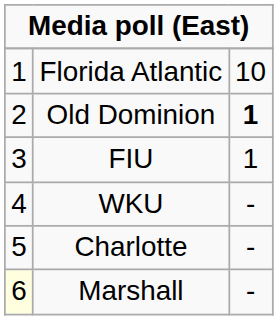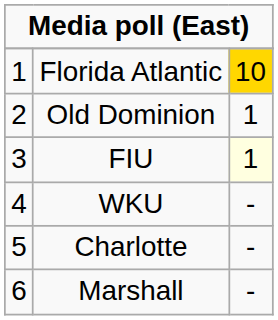 <table class="wikitable">
 <tr align="center">
 <td align="center" Colspan="3"><strong>Media poll (East)</strong></td>
 </tr>
 <tr align="center">
 </tr>
 <tr align="center">
 <td>1</td>
 <td>Florida Atlantic</td>
-<td>10</td>
+<td style="background: gold;">10</td>
 </tr>
 <tr align="center">
 <td>2</td>
 <td>Old Dominion</td>
-<td><strong>1</strong></td>
+<td>1</td>
 </tr>
 <tr align="center">
 <td>3</td>
 <td>FIU</td>
-<td>1</td>
+<td style="background: lightyellow;">1</td>
 </tr>
 <tr align="center">
 <td>4</td>
 <td>WKU</td>
 <td>-</td>
 </tr>
 <tr align="center">
 <td>5</td>
 <td>Charlotte</td>
 <td>-</td>
 </tr>
 <tr align="center">
-<td style="background: lightyellow;">6</td>
+<td>6</td>
 <td>Marshall</td>
 <td>-</td>
 </tr>
 </table>
